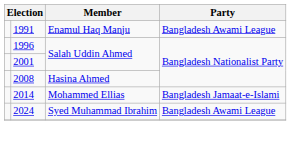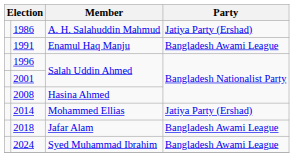 <table class="wikitable">
 <tr>
 <th colspan="2">Election</th>
 <th>Member</th>
 <th>Party</th>
+</tr>
+<tr>
+<td style="background-color:"></td>
+<td><a href='#'>1986</a></td>
+<td><a href='#'>A. H. Salahuddin Mahmud</a></td>
+<td><a href='#'>Jatiya Party (Ershad)</a></td>
 </tr>
 <tr>
 <td style="background-color:"></td>
 <td><a href='#'>1991</a></td>
 <td><a href='#'>Enamul Haq Manju</a></td>
 <td><a href='#'>Bangladesh Awami League</a></td>
 </tr>
 <tr>
 <td style="background-color:"></td>
 <td><a href='#'>1996</a></td>
 <td rowspan="2"><a href='#'>Salah Uddin Ahmed</a></td>
 <td rowspan="3"><a href='#'>Bangladesh Nationalist Party</a></td>
 </tr>
 <tr>
 <td style="background-color:"></td>
 <td><a href='#'>2001</a></td>
 </tr>
 <tr>
 <td style="background-color:"></td>
 <td><a href='#'>2008</a></td>
 <td><a href='#'>Hasina Ahmed</a></td>
 </tr>
 <tr>
 <td style="background-color:"></td>
 <td><a href='#'>2014</a></td>
 <td><a href='#'>Mohammed Ellias</a></td>
-<td><a href='#'>Bangladesh Jamaat-e-Islami</a></td>
+<td><a href='#'>Jatiya Party (Ershad)</a></td>
+</tr>
+<tr>
+<td style="background-color:"></td>
+<td><a href='#'>2018</a></td>
+<td><a href='#'>Jafar Alam</a></td>
+<td><a href='#'>Bangladesh Awami League</a></td>
 </tr>
 <tr>
 <td style="background-color:"></td>
 <td><a href='#'>2024</a></td>
 <td><a href='#'>Syed Muhammad Ibrahim</a></td>
 <td><a href='#'>Bangladesh Awami League</a></td>
 </tr>
 <tr>
 </tr>
 </table>
